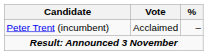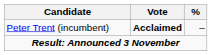 <table class="wikitable">
 <tr>
 <th bgcolor="#DDDDFF" width="200px">Candidate</th>
 <th bgcolor="#DDDDFF" width="50px">Vote</th>
 <th bgcolor="#DDDDFF"  width="30px">%</th>
 </tr>
 <tr>
 <td><a href='#'>Peter Trent</a> (incumbent)</td>
-<td align="right">Acclaimed</td>
+<td align="right"><strong>Acclaimed</strong></td>
 <td align="right">–</td>
 </tr>
 <tr>
 <td colspan=5 align="center"><strong><em>Result: Announced 3 November</em></strong></td>
 </tr>
 </table>
